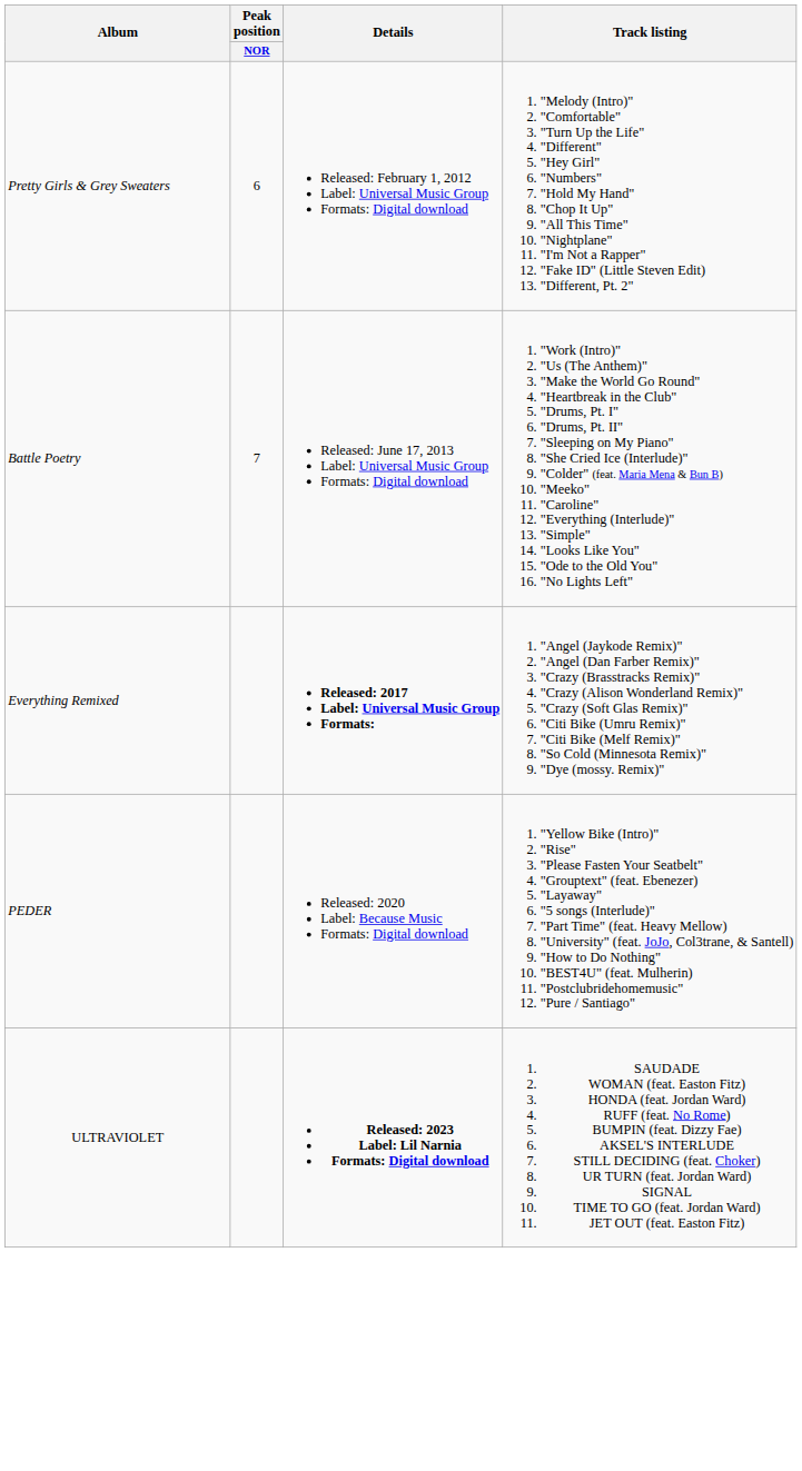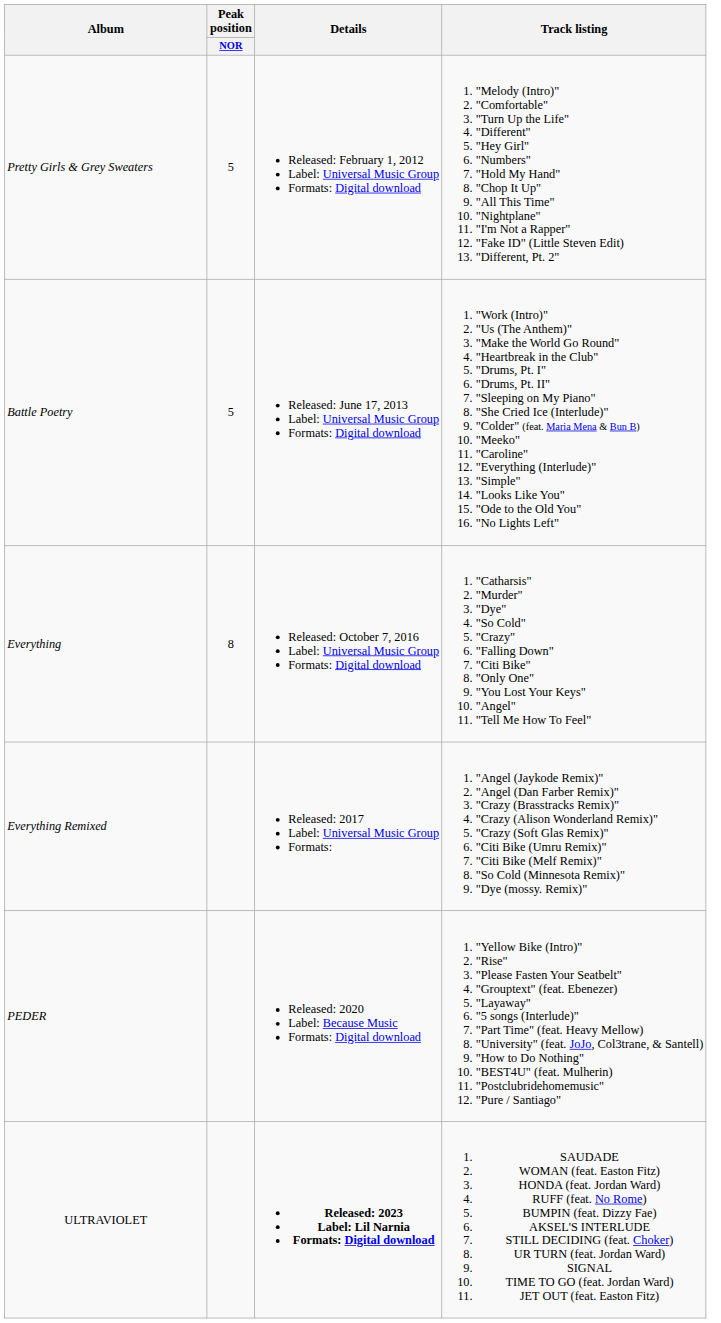 <table class="wikitable plainrowheaders" style="text-align:center;">
 <tr>
 <th scope="col" rowspan="2" style="width:16em;">Album</th>
 <th scope="col">Peak position</th>
 <th scope="col" rowspan="2">Details</th>
 <th scope="col" rowspan="2">Track listing</th>
 </tr>
 <tr>
 <th scope="col" style="width:3em;font-size:85%;"><a href='#'>NOR</a></th>
 </tr>
 <tr>
 <td style="text-align:left;"><em>Pretty Girls & Grey Sweaters</em></td>
-<td>6</td>
+<td>5</td>
 <td style="text-align:left;"><br><ul><li>Released: February 1, 2012</li><li>Label: <a href='#'>Universal Music Group</a></li><li>Formats: <a href='#'>Digital download</a></li></ul></td>
 <td style="text-align:left;"><br><ol><li>"Melody (Intro)"</li><li>"Comfortable"</li><li>"Turn Up the Life"</li><li>"Different"</li><li>"Hey Girl"</li><li>"Numbers"</li><li>"Hold My Hand"</li><li>"Chop It Up"</li><li>"All This Time"</li><li>"Nightplane"</li><li>"I'm Not a Rapper"</li><li>"Fake ID" (Little Steven Edit)</li><li>"Different, Pt. 2"</li></ol></td>
 </tr>
 <tr>
 <td style="text-align:left;"><em>Battle Poetry</em></td>
-<td>7</td>
+<td>5</td>
 <td style="text-align:left;"><br><ul><li>Released: June 17, 2013</li><li>Label: <a href='#'>Universal Music Group</a></li><li>Formats: <a href='#'>Digital download</a></li></ul></td>
 <td style="text-align:left;"><br><ol><li>"Work (Intro)"</li><li>"Us (The Anthem)"</li><li>"Make the World Go Round"</li><li>"Heartbreak in the Club"</li><li>"Drums, Pt. I"</li><li>"Drums, Pt. II"</li><li>"Sleeping on My Piano"</li><li>"She Cried Ice (Interlude)"</li><li>"Colder" <small>(feat. <a href='#'>Maria Mena</a> & <a href='#'>Bun B</a>)</small></li><li>"Meeko"</li><li>"Caroline"</li><li>"Everything (Interlude)"</li><li>"Simple"</li><li>"Looks Like You"</li><li>"Ode to the Old You"</li><li>"No Lights Left"</li></ol></td>
 </tr>
 <tr>
+<td style="text-align:left;"><em>Everything</em></td>
+<td>8</td>
+<td style="text-align:left;"><br><ul><li>Released: October 7, 2016</li><li>Label: <a href='#'>Universal Music Group</a></li><li>Formats: <a href='#'>Digital download</a></li></ul></td>
+<td style="text-align:left;"><br><ol><li>"Catharsis"</li><li>"Murder"</li><li>"Dye"</li><li>"So Cold"</li><li>"Crazy"</li><li>"Falling Down"</li><li>"Citi Bike"</li><li>"Only One"</li><li>"You Lost Your Keys"</li><li>"Angel"</li><li>"Tell Me How To Feel"</li></ol></td>
+</tr>
+<tr>
 <td style="text-align:left;"><em>Everything Remixed</em></td>
 <td></td>
-<td style="text-align:left;"><strong><br><ul><li>Released: 2017</li><li>Label: <a href='#'>Universal Music Group</a></li><li>Formats:</li></ul></strong></td>
+<td style="text-align:left;"><br><ul><li>Released: 2017</li><li>Label: <a href='#'>Universal Music Group</a></li><li>Formats:</li></ul></td>
 <td style="text-align:left;"><br><ol><li>"Angel (Jaykode Remix)"</li><li>"Angel (Dan Farber Remix)"</li><li>"Crazy (Brasstracks Remix)"</li><li>"Crazy (Alison Wonderland Remix)"</li><li>"Crazy (Soft Glas Remix)"</li><li>"Citi Bike (Umru Remix)"</li><li>"Citi Bike (Melf Remix)"</li><li>"So Cold (Minnesota Remix)"</li><li>"Dye (mossy. Remix)"</li></ol></td>
 </tr>
 <tr>
 <td style="text-align:left;"><em>PEDER</em></td>
 <td></td>
 <td style="text-align:left;"><br><ul><li>Released: 2020</li><li>Label: <a href='#'>Because Music</a></li><li>Formats: <a href='#'>Digital download</a></li></ul></td>
 <td style="text-align:left;"><br><ol><li>"Yellow Bike (Intro)"</li><li>"Rise"</li><li>"Please Fasten Your Seatbelt"</li><li>"Grouptext" (feat. Ebenezer)</li><li>"Layaway"</li><li>"5 songs (Interlude)"</li><li>"Part Time" (feat. Heavy Mellow)</li><li>"University" (feat. <a href='#'>JoJo</a>, Col3trane, & Santell)</li><li>"How to Do Nothing"</li><li>"BEST4U" (feat. Mulherin)</li><li>"Postclubridehomemusic"</li><li>"Pure / Santiago"</li></ol></td>
 </tr>
 <tr>
 <td>ULTRAVIOLET</td>
 <td></td>
 <td><strong><br><ul><li>Released: 2023</li><li>Label: Lil Narnia</li><li>Formats: <a href='#'>Digital download</a></li></ul></strong></td>
 <td><br><ol><li>SAUDADE</li><li>WOMAN (feat. Easton Fitz)</li><li>HONDA (feat. Jordan Ward)</li><li>RUFF (feat. <a href='#'>No Rome</a>)</li><li>BUMPIN (feat. Dizzy Fae)</li><li>AKSEL'S INTERLUDE</li><li>STILL DECIDING (feat. <a href='#'>Choker</a>)</li><li>UR TURN (feat. Jordan Ward)</li><li>SIGNAL</li><li>TIME TO GO (feat. Jordan Ward)</li><li>JET OUT (feat. Easton Fitz)</li></ol></td>
 </tr>
 </table>
